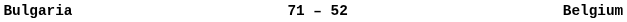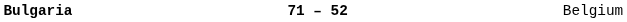 <table width=75% cellspacing=1>
 <tr>
 <th width=25%></th>
 <th width=25%></th>
 <th width=25%></th>
 </tr>
 <tr style=font-size:90%>
 <td align=right><strong>Bulgaria</strong></td>
 <td align=center><strong>71 – 52</strong></td>
-<td><strong>Belgium</strong></td>
+<td>Belgium</td>
 </tr>
 </table>
